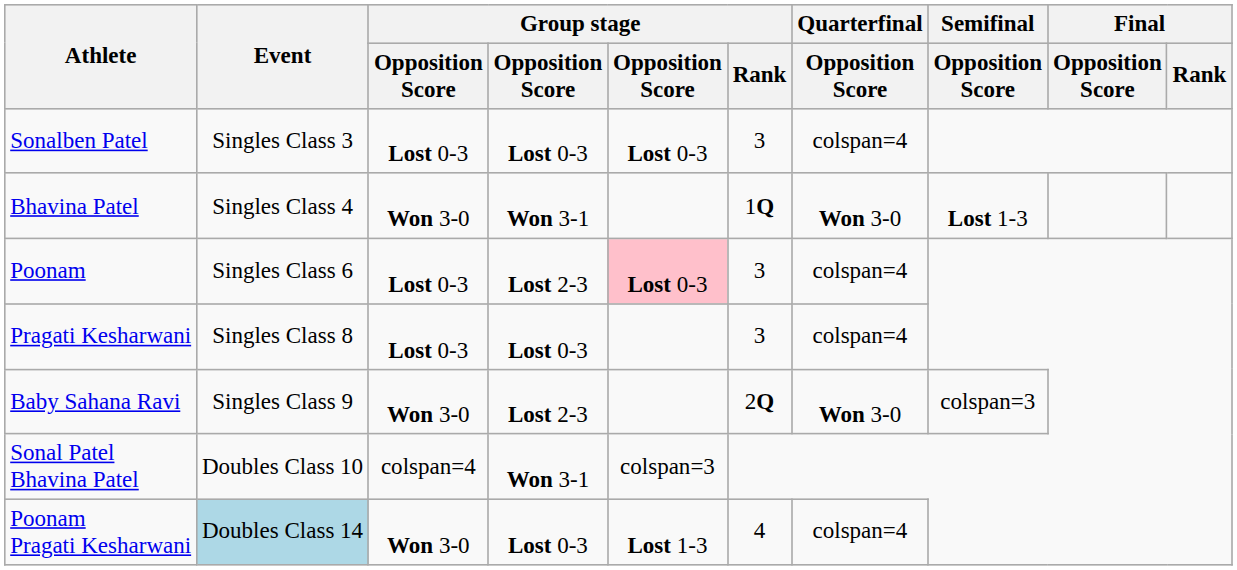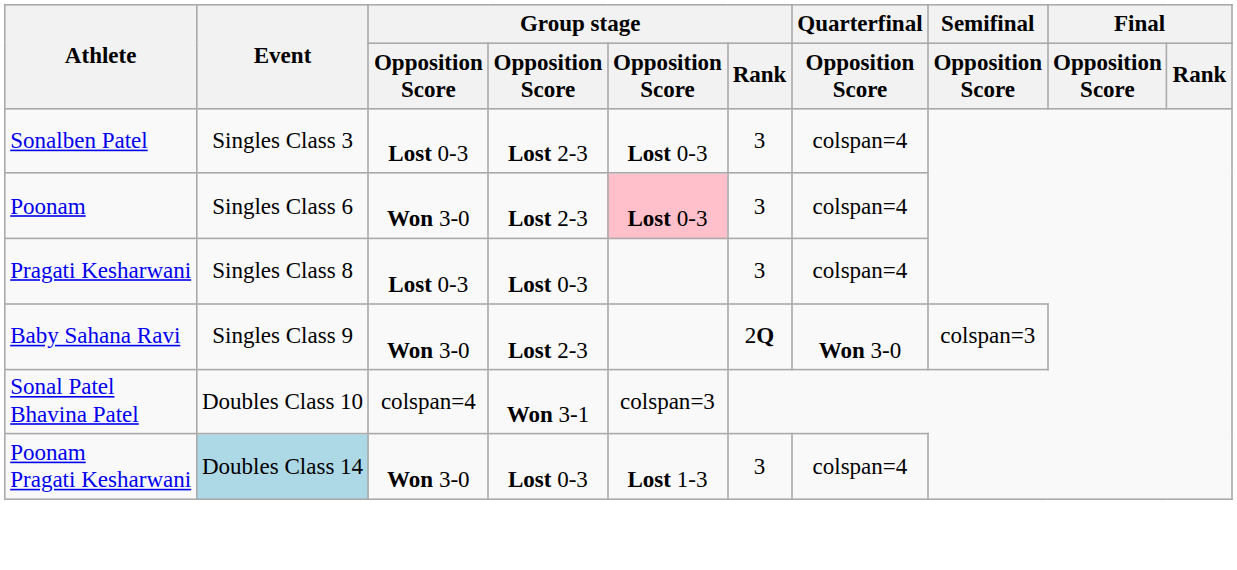 <table class="wikitable" style="text-align:center; font-size:90%">
 <tr>
 <th rowspan="2">Athlete</th>
 <th rowspan="2">Event</th>
 <th colspan="4">Group stage</th>
 <th>Quarterfinal</th>
 <th>Semifinal</th>
 <th colspan="2">Final</th>
 </tr>
 <tr>
 <th>Opposition<br>Score</th>
 <th>Opposition<br>Score</th>
 <th>Opposition<br>Score</th>
 <th>Rank</th>
 <th>Opposition<br>Score</th>
 <th>Opposition<br>Score</th>
 <th>Opposition<br>Score</th>
 <th>Rank</th>
 </tr>
 <tr>
 <td align="left"><a href='#'>Sonalben Patel</a></td>
 <td>Singles Class 3</td>
 <td><br><strong>Lost</strong> 0-3</td>
-<td><br><strong>Lost</strong> 0-3</td>
+<td><br><strong>Lost</strong> 2-3</td>
 <td><br><strong>Lost</strong> 0-3</td>
 <td>3</td>
 <td>colspan=4 </td>
 </tr>
 <tr>
-<td align="left"><a href='#'>Bhavina Patel</a></td>
-<td>Singles Class 4</td>
-<td><br><strong>Won</strong> 3-0</td>
-<td><br><strong>Won</strong> 3-1</td>
-<td></td>
-<td>1<strong>Q</strong></td>
-<td><br><strong>Won</strong> 3-0</td>
-<td><br><strong>Lost</strong> 1-3</td>
-<td></td>
-<td></td>
-</tr>
-<tr>
 <td align="left"><a href='#'>Poonam</a></td>
 <td>Singles Class 6</td>
-<td><br><strong>Lost</strong> 0-3</td>
+<td><br><strong>Won</strong> 3-0</td>
 <td><br><strong>Lost</strong> 2-3</td>
 <td style="background: pink;"><br><strong>Lost</strong> 0-3</td>
 <td>3</td>
 <td>colspan=4 </td>
 </tr>
 <tr>
 <td align="left"><a href='#'>Pragati Kesharwani</a></td>
 <td>Singles Class 8</td>
 <td><br><strong>Lost</strong> 0-3</td>
 <td><br><strong>Lost</strong> 0-3</td>
 <td></td>
 <td>3</td>
 <td>colspan=4 </td>
 </tr>
 <tr>
 <td align="left"><a href='#'>Baby Sahana Ravi</a></td>
 <td>Singles Class 9</td>
 <td><br><strong>Won</strong> 3-0</td>
 <td><br><strong>Lost</strong> 2-3</td>
 <td></td>
 <td>2<strong>Q</strong></td>
 <td><br><strong>Won</strong> 3-0</td>
 <td>colspan=3 </td>
 </tr>
 <tr>
 <td align="left"><a href='#'>Sonal Patel</a><br><a href='#'>Bhavina Patel</a></td>
 <td>Doubles Class 10</td>
 <td>colspan=4 </td>
 <td><br><strong>Won</strong> 3-1</td>
 <td>colspan=3 </td>
 </tr>
 <tr>
 <td align="left"><a href='#'>Poonam</a><br><a href='#'>Pragati Kesharwani</a></td>
 <td style="background: lightblue;">Doubles Class 14</td>
 <td><br><strong>Won</strong> 3-0</td>
 <td><br><strong>Lost</strong> 0-3</td>
 <td><br><strong>Lost</strong> 1-3</td>
-<td>4</td>
+<td>3</td>
 <td>colspan=4 </td>
 </tr>
 </table>
